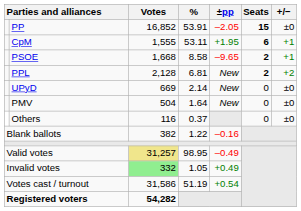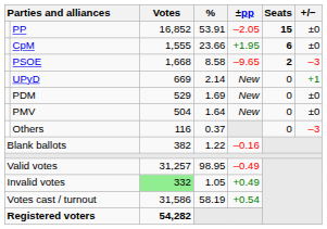 <table class="wikitable" style="text-align:right;">
 <tr>
 <th style="text-align:left;" colspan="2" width="200">Parties and alliances</th>
 <th width="75">Votes</th>
 <th width="45">%</th>
 <th width="45">±<a href='#'>pp</a></th>
 <th width="35">Seats</th>
 <th width="35">+/−</th>
 </tr>
 <tr>
 <td width="1" style="color:inherit;background:"></td>
 <td align="left"><a href='#'>PP</a></td>
 <td>16,852</td>
 <td>53.91</td>
 <td style="color:red;">–2.05</td>
 <td><strong>15</strong></td>
 <td>±0</td>
 </tr>
 <tr>
 <td style="color:inherit;background:"></td>
 <td align="left"><a href='#'>CpM</a></td>
 <td>1,555</td>
-<td>53.11</td>
+<td>23.66</td>
 <td style="color:green;">+1.95</td>
 <td><strong>6</strong></td>
-<td style="color:green;">+1</td>
+<td>±0</td>
 </tr>
 <tr>
 <td style="color:inherit;background:"></td>
 <td align="left"><a href='#'>PSOE</a></td>
 <td>1,668</td>
 <td>8.58</td>
 <td style="color:red;">–9.65</td>
 <td><strong>2</strong></td>
-<td style="color:green;">+1</td>
-</tr>
-<tr>
-<td style="color:inherit;background:"></td>
-<td align="left"><a href='#'>PPL</a></td>
-<td>2,128</td>
-<td>6.81</td>
-<td><em>New</em></td>
-<td><strong>2</strong></td>
-<td style="color:green;">+2</td>
+<td style="color:red;">–3</td>
 </tr>
 <tr>
 <td style="color:inherit;background:"></td>
 <td align="left"><a href='#'>UPyD</a></td>
 <td>669</td>
 <td>2.14</td>
+<td><em>New</em></td>
+<td>0</td>
+<td style="color:green;">+1</td>
+</tr>
+<tr>
+<td style="color:inherit;background:"></td>
+<td align="left">PDM</td>
+<td>529</td>
+<td>1.69</td>
 <td><em>New</em></td>
 <td>0</td>
 <td>±0</td>
 </tr>
 <tr>
 <td style="color:inherit;background:"></td>
 <td align="left">PMV</td>
 <td>504</td>
 <td>1.64</td>
 <td><em>New</em></td>
 <td>0</td>
 <td>±0</td>
 </tr>
 <tr>
 <td bgcolor="white"></td>
 <td align="left">Others</td>
 <td>116</td>
 <td>0.37</td>
 <td bgcolor="#E9E9E9"></td>
 <td>0</td>
-<td>±0</td>
+<td style="color:red;">–3</td>
 </tr>
 <tr>
 <td align="left" colspan="2">Blank ballots</td>
 <td>382</td>
 <td>1.22</td>
 <td style="color:red;">–0.16</td>
 <td bgcolor="#E9E9E9" colspan="2"></td>
 </tr>
 <tr>
 <td colspan="7" bgcolor="#E9E9E9"></td>
 </tr>
 <tr>
 <td align="left" colspan="2">Valid votes</td>
-<td style="background: khaki;">31,257</td>
+<td>31,257</td>
 <td>98.95</td>
 <td style="color:red;">–0.49</td>
 <td bgcolor="#E9E9E9" colspan="2" rowspan="4"></td>
 </tr>
 <tr>
 <td align="left" colspan="2">Invalid votes</td>
 <td style="background: lightgreen;">332</td>
 <td>1.05</td>
 <td style="color:green;">+0.49</td>
 </tr>
 <tr>
 <td align="left" colspan="2">Votes cast / turnout</td>
 <td>31,586</td>
-<td>51.19</td>
+<td>58.19</td>
 <td style="color:green;">+0.54</td>
 </tr>
 <tr style="font-weight:bold;">
 <td align="left" colspan="2">Registered voters</td>
 <td>54,282</td>
 <td bgcolor="#E9E9E9" colspan="2"></td>
 </tr>
 </table>
